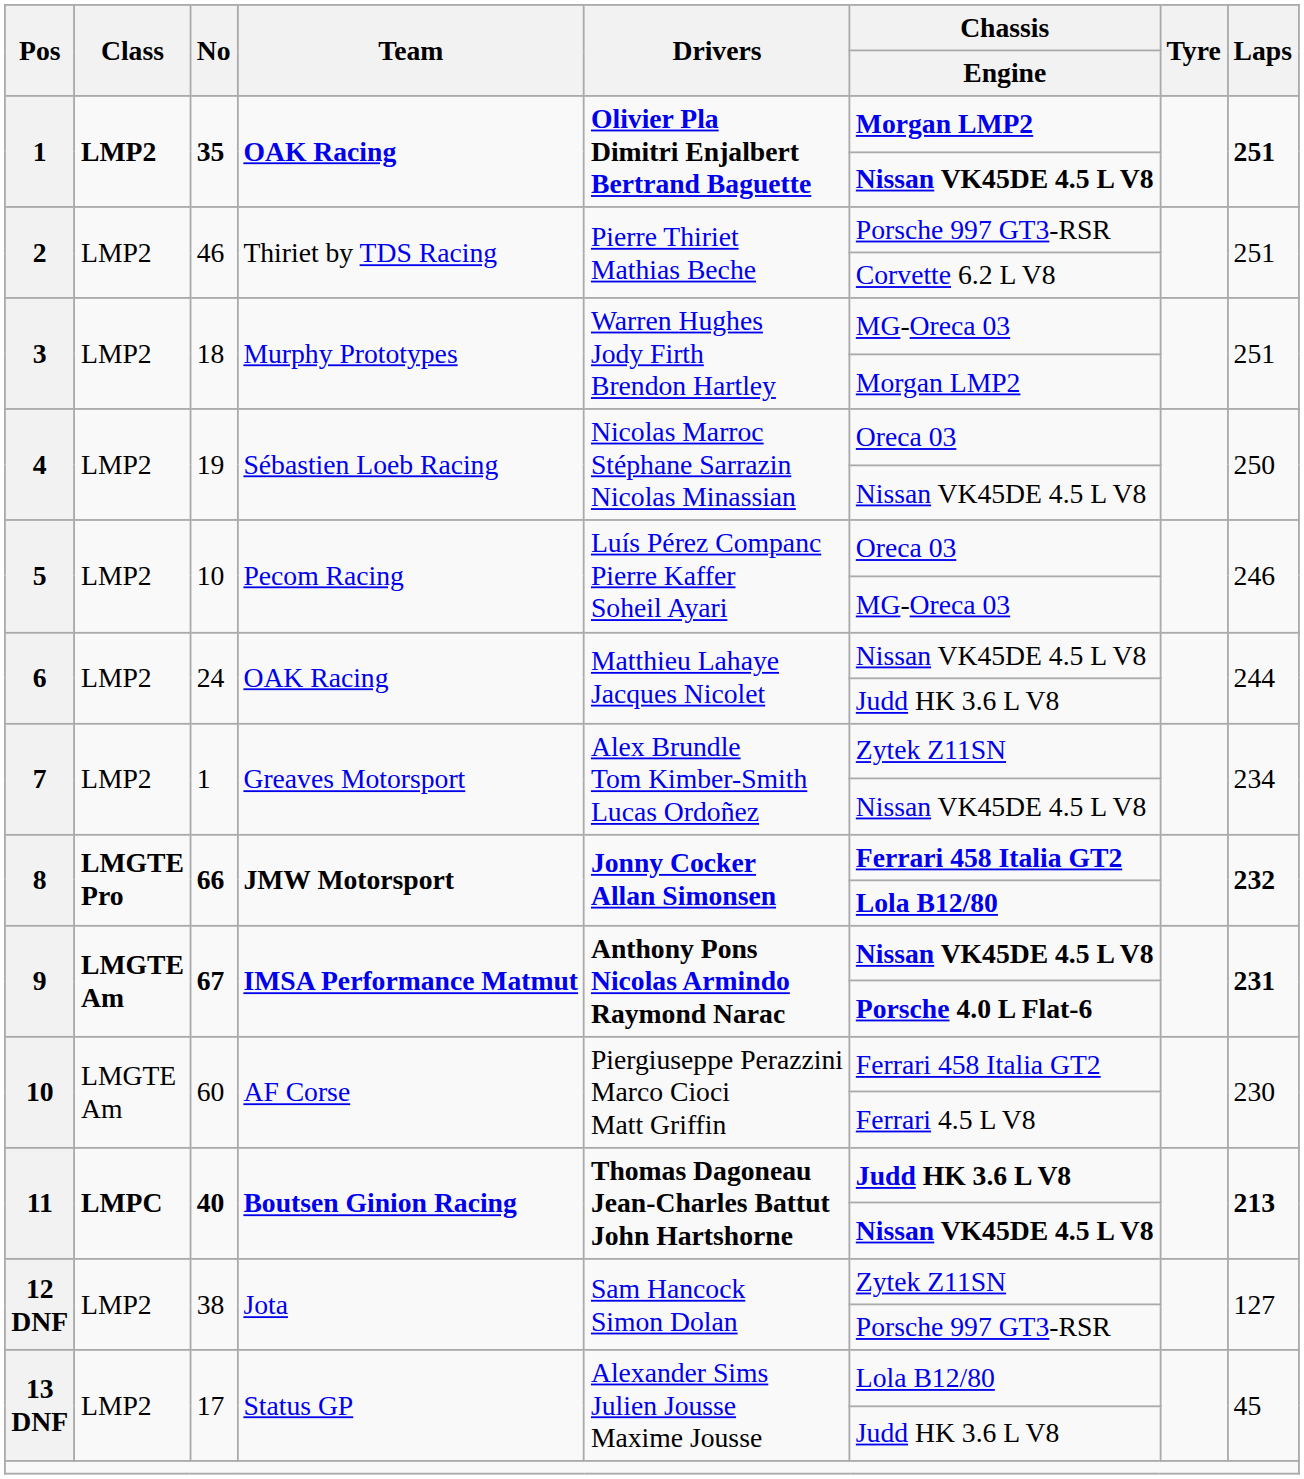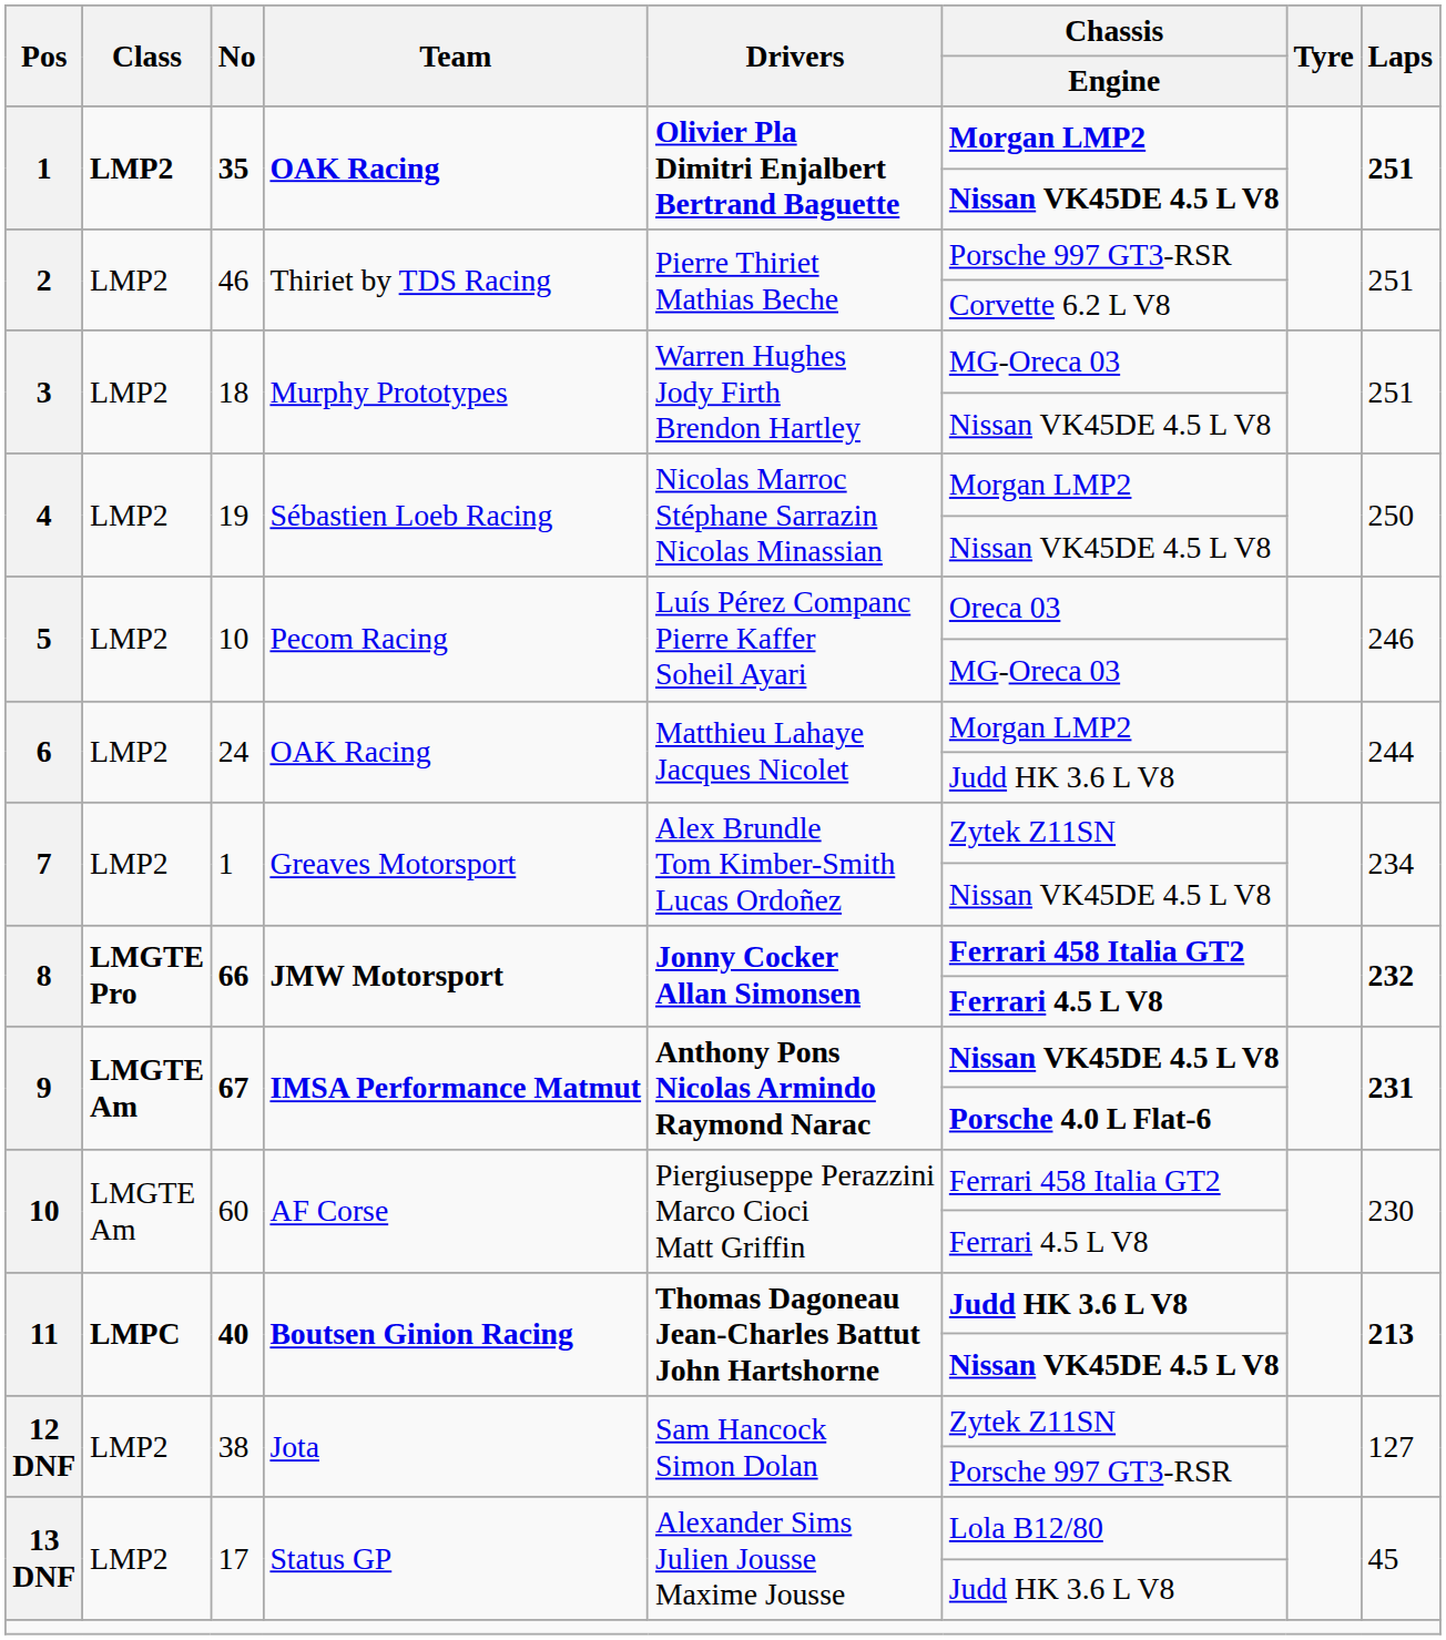 <table class="wikitable" style="font-size: 95%;">
 <tr>
 <th rowspan=2>Pos</th>
 <th rowspan=2>Class</th>
 <th rowspan=2>No</th>
 <th rowspan=2>Team</th>
 <th rowspan=2>Drivers</th>
 <th>Chassis</th>
 <th rowspan=2>Tyre</th>
 <th rowspan=2>Laps</th>
 </tr>
 <tr>
 <th>Engine</th>
 </tr>
 <tr style="font-weight:bold">
 <th rowspan=2>1</th>
 <td rowspan=2>LMP2</td>
 <td rowspan=2>35</td>
 <td rowspan=2> <a href='#'>OAK Racing</a></td>
 <td rowspan=2> <a href='#'>Olivier Pla</a><br> Dimitri Enjalbert<br> <a href='#'>Bertrand Baguette</a></td>
 <td><a href='#'>Morgan LMP2</a></td>
 <td rowspan=2></td>
 <td rowspan=2>251</td>
 </tr>
 <tr style="font-weight:bold">
 <td><a href='#'>Nissan</a> VK45DE 4.5 L V8</td>
 </tr>
 <tr>
 <th rowspan=2>2</th>
 <td rowspan=2>LMP2</td>
 <td rowspan=2>46</td>
 <td rowspan=2> Thiriet by <a href='#'>TDS Racing</a></td>
 <td rowspan=2> <a href='#'>Pierre Thiriet</a><br> <a href='#'>Mathias Beche</a></td>
 <td><a href='#'>Porsche 997 GT3</a>-RSR</td>
 <td rowspan=2></td>
 <td rowspan=2>251</td>
 </tr>
 <tr>
 <td><a href='#'>Corvette</a> 6.2 L V8</td>
 </tr>
 <tr>
 <th rowspan=2>3</th>
 <td rowspan=2>LMP2</td>
 <td rowspan=2>18</td>
 <td rowspan=2> <a href='#'>Murphy Prototypes</a></td>
 <td rowspan=2> <a href='#'>Warren Hughes</a><br> <a href='#'>Jody Firth</a><br> <a href='#'>Brendon Hartley</a></td>
 <td><a href='#'>MG</a>-<a href='#'>Oreca 03</a></td>
 <td rowspan=2></td>
 <td rowspan=2>251</td>
 </tr>
 <tr>
-<td><a href='#'>Morgan LMP2</a></td>
+<td><a href='#'>Nissan</a> VK45DE 4.5 L V8</td>
 </tr>
 <tr>
 <th rowspan=2>4</th>
 <td rowspan=2>LMP2</td>
 <td rowspan=2>19</td>
 <td rowspan=2> <a href='#'>Sébastien Loeb Racing</a></td>
 <td rowspan=2> <a href='#'>Nicolas Marroc</a><br> <a href='#'>Stéphane Sarrazin</a><br> <a href='#'>Nicolas Minassian</a></td>
-<td><a href='#'>Oreca 03</a></td>
+<td><a href='#'>Morgan LMP2</a></td>
 <td rowspan=2></td>
 <td rowspan=2>250</td>
 </tr>
 <tr>
 <td><a href='#'>Nissan</a> VK45DE 4.5 L V8</td>
 </tr>
 <tr>
 <th rowspan=2>5</th>
 <td rowspan=2>LMP2</td>
 <td rowspan=2>10</td>
 <td rowspan=2> <a href='#'>Pecom Racing</a></td>
 <td rowspan=2> <a href='#'>Luís Pérez Companc</a><br> <a href='#'>Pierre Kaffer</a><br> <a href='#'>Soheil Ayari</a></td>
 <td><a href='#'>Oreca 03</a></td>
 <td rowspan=2></td>
 <td rowspan=2>246</td>
 </tr>
 <tr>
 <td><a href='#'>MG</a>-<a href='#'>Oreca 03</a></td>
 </tr>
 <tr>
 <th rowspan=2>6</th>
 <td rowspan=2>LMP2</td>
 <td rowspan=2>24</td>
 <td rowspan=2> <a href='#'>OAK Racing</a></td>
 <td rowspan=2> <a href='#'>Matthieu Lahaye</a><br> <a href='#'>Jacques Nicolet</a></td>
-<td><a href='#'>Nissan</a> VK45DE 4.5 L V8</td>
+<td><a href='#'>Morgan LMP2</a></td>
 <td rowspan=2></td>
 <td rowspan=2>244</td>
 </tr>
 <tr>
 <td><a href='#'>Judd</a> HK 3.6 L V8</td>
 </tr>
 <tr>
 <th rowspan=2>7</th>
 <td rowspan=2>LMP2</td>
 <td rowspan=2>1</td>
 <td rowspan=2> <a href='#'>Greaves Motorsport</a></td>
 <td rowspan=2> <a href='#'>Alex Brundle</a><br> <a href='#'>Tom Kimber-Smith</a><br> <a href='#'>Lucas Ordoñez</a></td>
 <td><a href='#'>Zytek Z11SN</a></td>
 <td rowspan=2></td>
 <td rowspan=2>234</td>
 </tr>
 <tr>
 <td><a href='#'>Nissan</a> VK45DE 4.5 L V8</td>
 </tr>
 <tr style="font-weight:bold">
 <th rowspan=2>8</th>
 <td rowspan=2>LMGTE<br>Pro</td>
 <td rowspan=2>66</td>
 <td rowspan=2> JMW Motorsport</td>
 <td rowspan=2> <a href='#'>Jonny Cocker</a><br> <a href='#'>Allan Simonsen</a></td>
 <td><a href='#'>Ferrari 458 Italia GT2</a></td>
 <td rowspan=2></td>
 <td rowspan=2>232</td>
 </tr>
 <tr style="font-weight:bold">
-<td><a href='#'>Lola B12/80</a></td>
+<td><a href='#'>Ferrari</a> 4.5 L V8</td>
 </tr>
 <tr style="font-weight:bold">
 <th rowspan=2>9</th>
 <td rowspan=2>LMGTE<br>Am</td>
 <td rowspan=2>67</td>
 <td rowspan=2> <a href='#'>IMSA Performance Matmut</a></td>
 <td rowspan=2> Anthony Pons<br> <a href='#'>Nicolas Armindo</a><br> Raymond Narac</td>
 <td><a href='#'>Nissan</a> VK45DE 4.5 L V8</td>
 <td rowspan=2></td>
 <td rowspan=2>231</td>
 </tr>
 <tr style="font-weight:bold">
 <td><a href='#'>Porsche</a> 4.0 L Flat-6</td>
 </tr>
 <tr>
 <th rowspan=2>10</th>
 <td rowspan=2>LMGTE<br>Am</td>
 <td rowspan=2>60</td>
 <td rowspan=2> <a href='#'>AF Corse</a></td>
 <td rowspan=2> Piergiuseppe Perazzini<br> Marco Cioci<br> Matt Griffin</td>
 <td><a href='#'>Ferrari 458 Italia GT2</a></td>
 <td rowspan=2></td>
 <td rowspan=2>230</td>
 </tr>
 <tr>
 <td><a href='#'>Ferrari</a> 4.5 L V8</td>
 </tr>
 <tr style="font-weight:bold">
 <th rowspan=2>11</th>
 <td rowspan=2>LMPC</td>
 <td rowspan=2>40</td>
 <td rowspan=2> <a href='#'>Boutsen Ginion Racing</a></td>
 <td rowspan=2> Thomas Dagoneau<br> Jean-Charles Battut<br> John Hartshorne</td>
 <td><a href='#'>Judd</a> HK 3.6 L V8</td>
 <td rowspan=2></td>
 <td rowspan=2>213</td>
 </tr>
 <tr style="font-weight:bold">
 <td><a href='#'>Nissan</a> VK45DE 4.5 L V8</td>
 </tr>
 <tr>
 <th rowspan=2>12<br>DNF</th>
 <td rowspan=2>LMP2</td>
 <td rowspan=2>38</td>
 <td rowspan=2> <a href='#'>Jota</a></td>
 <td rowspan=2> <a href='#'>Sam Hancock</a><br> <a href='#'>Simon Dolan</a></td>
 <td><a href='#'>Zytek Z11SN</a></td>
 <td rowspan=2></td>
 <td rowspan=2>127</td>
 </tr>
 <tr>
 <td><a href='#'>Porsche 997 GT3</a>-RSR</td>
 </tr>
 <tr>
 <th rowspan=2>13<br>DNF</th>
 <td rowspan=2>LMP2</td>
 <td rowspan=2>17</td>
 <td rowspan=2> <a href='#'>Status GP</a></td>
 <td rowspan=2> <a href='#'>Alexander Sims</a><br> <a href='#'>Julien Jousse</a><br> Maxime Jousse</td>
 <td><a href='#'>Lola B12/80</a></td>
 <td rowspan=2></td>
 <td rowspan=2>45</td>
 </tr>
 <tr>
 <td><a href='#'>Judd</a> HK 3.6 L V8</td>
 </tr>
 <tr>
 <td colspan=9 style="text-align:center;"></td>
 </tr>
 </table>
